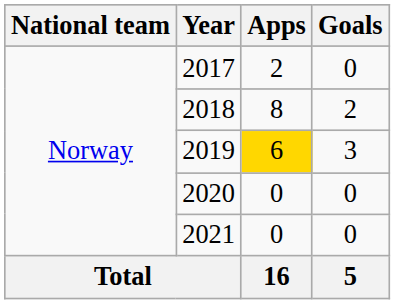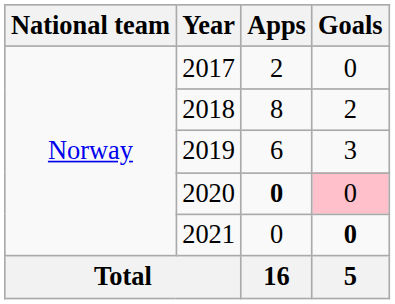 <table class="wikitable" style="text-align:center">
 <tr>
 <th>National team</th>
 <th>Year</th>
 <th>Apps</th>
 <th>Goals</th>
 </tr>
 <tr>
 <td rowspan="5"><a href='#'>Norway</a></td>
 <td>2017</td>
 <td>2</td>
 <td>0</td>
 </tr>
 <tr>
 <td>2018</td>
 <td>8</td>
 <td>2</td>
 </tr>
 <tr>
 <td>2019</td>
-<td style="background: gold;">6</td>
+<td>6</td>
 <td>3</td>
 </tr>
 <tr>
 <td>2020</td>
-<td>0</td>
-<td>0</td>
+<td><strong>0</strong></td>
+<td style="background: pink;">0</td>
 </tr>
 <tr>
 <td>2021</td>
 <td>0</td>
-<td>0</td>
+<td><strong>0</strong></td>
 </tr>
 <tr>
 <th colspan="2">Total</th>
 <th>16</th>
 <th>5</th>
 </tr>
 </table>
